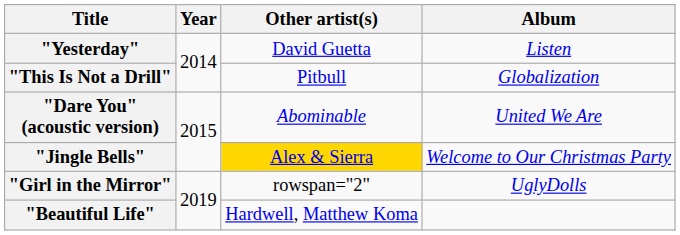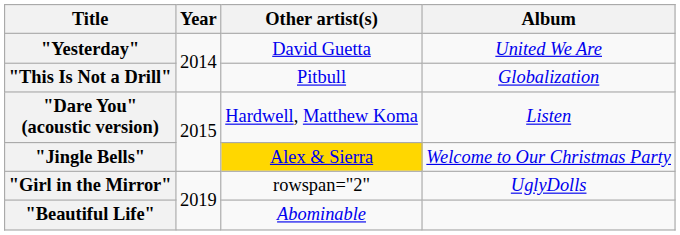 <table class="wikitable plainrowheaders" style="text-align:center;">
 <tr>
 <th scope="col">Title</th>
 <th scope="col">Year</th>
 <th scope="col">Other artist(s)</th>
 <th scope="col">Album</th>
 </tr>
 <tr>
 <th scope="row">"Yesterday"</th>
 <td rowspan="2">2014</td>
 <td><a href='#'>David Guetta</a></td>
-<td><em><a href='#'>Listen</a></em></td>
+<td><em><a href='#'>United We Are</a></em></td>
 </tr>
 <tr>
 <th scope="row">"This Is Not a Drill"</th>
 <td><a href='#'>Pitbull</a></td>
 <td><em><a href='#'>Globalization</a></em></td>
 </tr>
 <tr>
 <th scope="row">"Dare You"<br><span>(acoustic version)</span></th>
 <td rowspan="2">2015</td>
-<td><em><a href='#'>Abominable</a></em></td>
-<td><em><a href='#'>United We Are</a></em></td>
+<td><a href='#'>Hardwell</a>, <a href='#'>Matthew Koma</a></td>
+<td><em><a href='#'>Listen</a></em></td>
 </tr>
 <tr>
 <th scope="row">"Jingle Bells"</th>
 <td style="background: gold;"><a href='#'>Alex & Sierra</a></td>
 <td><em><a href='#'>Welcome to Our Christmas Party</a></em></td>
 </tr>
 <tr>
 <th scope="row">"Girl in the Mirror"</th>
 <td rowspan="2">2019</td>
 <td>rowspan="2" </td>
 <td><em><a href='#'>UglyDolls</a></em></td>
 </tr>
 <tr>
 <th scope="row">"Beautiful Life"</th>
-<td><a href='#'>Hardwell</a>, <a href='#'>Matthew Koma</a></td>
+<td><em><a href='#'>Abominable</a></em></td>
 </tr>
 </table>
